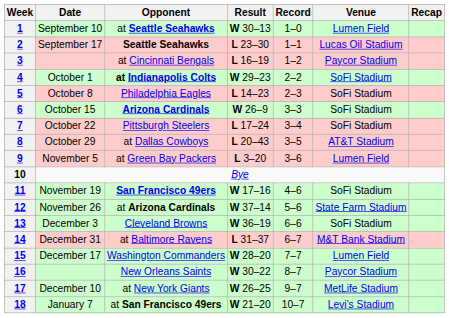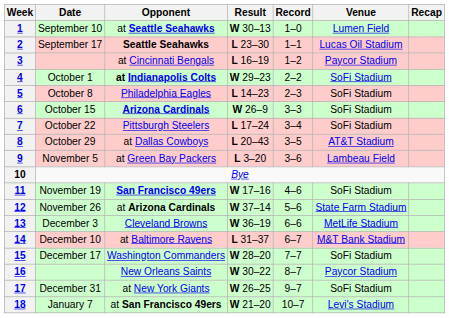 <table class="wikitable" style="text-align:center">
 <tr>
 <th>Week</th>
 <th>Date</th>
 <th>Opponent</th>
 <th>Result</th>
 <th>Record</th>
 <th>Venue</th>
 <th>Recap</th>
 </tr>
 <tr style="background:#cfc">
 <th><a href='#'>1</a></th>
 <td>September 10</td>
 <td>at <strong><a href='#'>Seattle Seahawks</a></strong></td>
 <td><strong>W</strong> 30–13</td>
 <td>1–0</td>
 <td><a href='#'>Lumen Field</a></td>
 <td></td>
 </tr>
 <tr style="background:#fcc">
 <th><a href='#'>2</a></th>
 <td>September 17</td>
 <td><strong>Seattle Seahawks</strong></td>
 <td><strong>L</strong> 23–30</td>
 <td>1–1</td>
 <td><a href='#'>Lucas Oil Stadium</a></td>
 <td></td>
 </tr>
 <tr style="background:#fcc">
 <th><a href='#'>3</a></th>
 <td></td>
 <td>at <a href='#'>Cincinnati Bengals</a></td>
 <td><strong>L</strong> 16–19</td>
 <td>1–2</td>
 <td><a href='#'>Paycor Stadium</a></td>
 <td></td>
 </tr>
 <tr style="background:#cfc">
 <th><a href='#'>4</a></th>
 <td>October 1</td>
 <td><strong>at <a href='#'>Indianapolis Colts</a></strong></td>
 <td><strong>W</strong> 29–23 </td>
 <td>2–2</td>
 <td><a href='#'>SoFi Stadium</a></td>
 <td></td>
 </tr>
 <tr style="background:#fcc">
 <th><a href='#'>5</a></th>
 <td>October 8</td>
 <td><a href='#'>Philadelphia Eagles</a></td>
 <td><strong>L</strong> 14–23</td>
 <td>2–3</td>
 <td>SoFi Stadium</td>
 <td></td>
 </tr>
 <tr style="background:#cfc">
 <th><a href='#'>6</a></th>
 <td>October 15</td>
 <td><strong><a href='#'>Arizona Cardinals</a></strong></td>
 <td><strong>W</strong> 26–9</td>
 <td>3–3</td>
 <td>SoFi Stadium</td>
 <td></td>
 </tr>
 <tr style="background:#fcc">
 <th><a href='#'>7</a></th>
 <td>October 22</td>
 <td><a href='#'>Pittsburgh Steelers</a></td>
 <td><strong>L</strong> 17–24</td>
 <td>3–4</td>
 <td>SoFi Stadium</td>
 <td></td>
 </tr>
 <tr style="background:#fcc">
 <th><a href='#'>8</a></th>
 <td>October 29</td>
 <td>at <a href='#'>Dallas Cowboys</a></td>
 <td><strong>L</strong> 20–43</td>
 <td>3–5</td>
 <td><a href='#'>AT&T Stadium</a></td>
 <td></td>
 </tr>
 <tr style="background:#fcc">
 <th><a href='#'>9</a></th>
 <td>November 5</td>
 <td>at <a href='#'>Green Bay Packers</a></td>
 <td><strong>L</strong> 3–20</td>
 <td>3–6</td>
-<td><a href='#'>Lumen Field</a></td>
+<td><a href='#'>Lambeau Field</a></td>
 <td></td>
 </tr>
 <tr>
 <th>10</th>
 <td colspan="6"><em><a href='#'>Bye</a></em></td>
 </tr>
 <tr style="background:#cfc">
 <th><a href='#'>11</a></th>
 <td>November 19</td>
 <td><strong><a href='#'>San Francisco 49ers</a></strong></td>
 <td><strong>W</strong> 17–16</td>
 <td>4–6</td>
 <td>SoFi Stadium</td>
 <td></td>
 </tr>
 <tr style="background:#cfc">
 <th><a href='#'>12</a></th>
 <td>November 26</td>
 <td>at <strong>Arizona Cardinals</strong></td>
 <td><strong>W</strong> 37–14</td>
 <td>5–6</td>
 <td><a href='#'>State Farm Stadium</a></td>
 <td></td>
 </tr>
 <tr style="background:#cfc">
 <th><a href='#'>13</a></th>
 <td>December 3</td>
 <td><a href='#'>Cleveland Browns</a></td>
 <td><strong>W</strong> 36–19</td>
 <td>6–6</td>
-<td>SoFi Stadium</td>
+<td><a href='#'>MetLife Stadium</a></td>
 <td></td>
 </tr>
 <tr style="background:#fcc">
 <th><a href='#'>14</a></th>
-<td>December 31</td>
+<td>December 10</td>
 <td>at <a href='#'>Baltimore Ravens</a></td>
 <td><strong>L</strong> 31–37 </td>
 <td>6–7</td>
 <td><a href='#'>M&T Bank Stadium</a></td>
 <td></td>
 </tr>
 <tr style="background:#cfc">
 <th><a href='#'>15</a></th>
 <td>December 17</td>
 <td><a href='#'>Washington Commanders</a></td>
 <td><strong>W</strong> 28–20</td>
 <td>7–7</td>
-<td><a href='#'>Lumen Field</a></td>
+<td>SoFi Stadium</td>
 <td></td>
 </tr>
 <tr style="background:#cfc">
 <th><a href='#'>16</a></th>
 <td></td>
 <td><a href='#'>New Orleans Saints</a></td>
 <td><strong>W</strong> 30–22</td>
 <td>8–7</td>
 <td><a href='#'>Paycor Stadium</a></td>
 <td></td>
 </tr>
 <tr style="background:#cfc">
 <th><a href='#'>17</a></th>
-<td>December 10</td>
+<td>December 31</td>
 <td>at <a href='#'>New York Giants</a></td>
 <td><strong>W</strong> 26–25</td>
 <td>9–7</td>
-<td><a href='#'>MetLife Stadium</a></td>
+<td>SoFi Stadium</td>
 <td></td>
 </tr>
 <tr style="background:#cfc">
 <th><a href='#'>18</a></th>
 <td>January 7</td>
 <td>at <strong>San Francisco 49ers</strong></td>
 <td><strong>W</strong> 21–20</td>
 <td>10–7</td>
 <td><a href='#'>Levi's Stadium</a></td>
 <td></td>
 </tr>
 </table>
